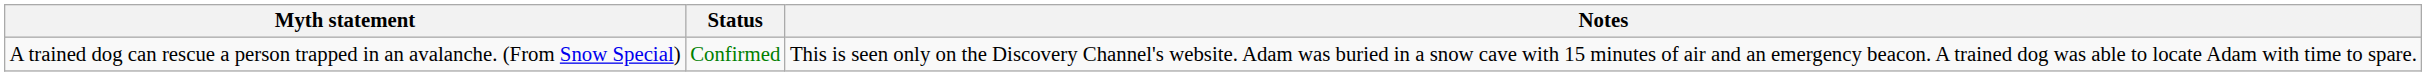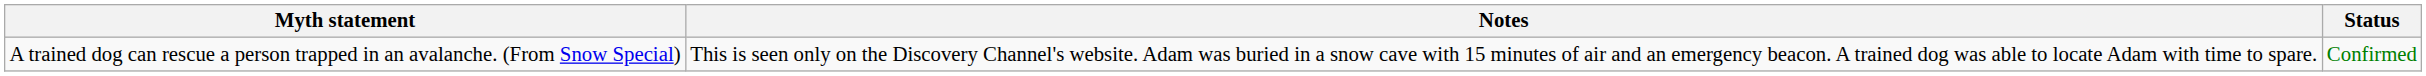 <table class="wikitable plainrowheaders">
 <tr>
 <th>Myth statement</th>
+<th>Notes</th>
 <th>Status</th>
-<th>Notes</th>
 </tr>
 <tr>
 <td>A trained dog can rescue a person trapped in an avalanche. (From <a href='#'>Snow Special</a>)</td>
+<td>This is seen only on the Discovery Channel's website. Adam was buried in a snow cave with 15 minutes of air and an emergency beacon. A trained dog was able to locate Adam with time to spare.</td>
 <td style="color:green">Confirmed</td>
-<td>This is seen only on the Discovery Channel's website. Adam was buried in a snow cave with 15 minutes of air and an emergency beacon. A trained dog was able to locate Adam with time to spare.</td>
 </tr>
 </table>
